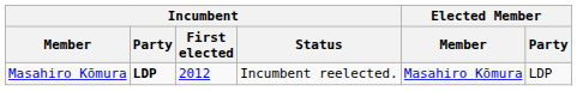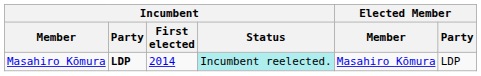 <table class="wikitable sortable">
 <tr>
 <th colspan=4>Incumbent</th>
 <th colspan=2>Elected Member</th>
 </tr>
 <tr>
 <th>Member</th>
 <th>Party</th>
 <th>First<br>elected</th>
 <th>Status</th>
 <th>Member</th>
 <th>Party</th>
 </tr>
 <tr>
 <td><a href='#'>Masahiro Kōmura</a></td>
 <td><strong>LDP</strong></td>
-<td><a href='#'>2012</a></td>
-<td>Incumbent reelected.</td>
+<td><a href='#'>2014</a></td>
+<td style="background: paleturquoise;">Incumbent reelected.</td>
 <td><a href='#'>Masahiro Kōmura</a></td>
 <td>LDP</td>
 </tr>
 </table>
